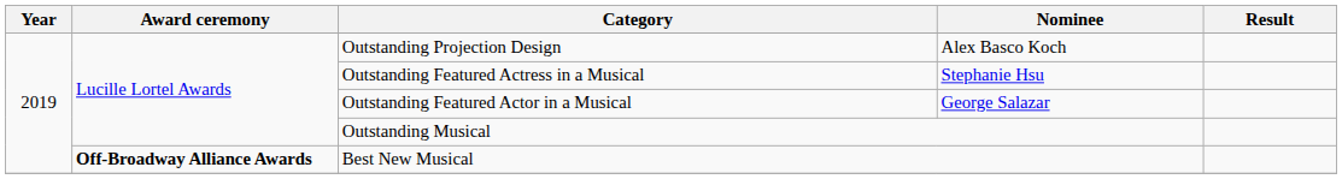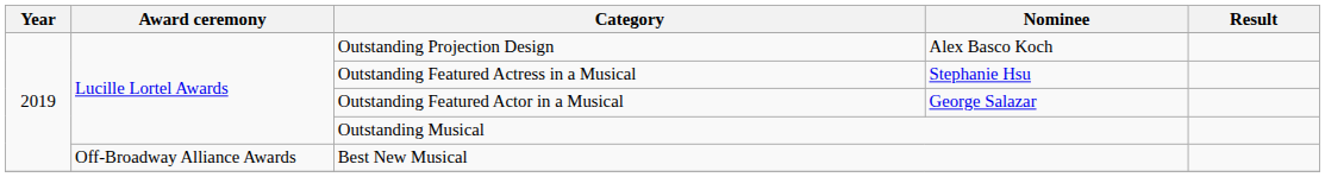 <table class="wikitable" width="95%">
 <tr>
 <th width="5%">Year</th>
 <th width="20%">Award ceremony</th>
 <th width="45%">Category</th>
 <th width="20%">Nominee</th>
 <th width="10%">Result</th>
 </tr>
 <tr>
 <td rowspan="6" align="center">2019</td>
 </tr>
 <tr>
 <td rowspan="4"><a href='#'>Lucille Lortel Awards</a></td>
 <td>Outstanding Projection Design</td>
 <td>Alex Basco Koch</td>
 <td></td>
 </tr>
 <tr>
 <td>Outstanding Featured Actress in a Musical</td>
 <td><a href='#'>Stephanie Hsu</a></td>
 <td></td>
 </tr>
 <tr>
 <td>Outstanding Featured Actor in a Musical</td>
 <td><a href='#'>George Salazar</a></td>
 <td></td>
 </tr>
 <tr>
 <td colspan="2">Outstanding Musical</td>
 <td></td>
 </tr>
 <tr>
-<td><strong>Off-Broadway Alliance Awards</strong></td>
+<td>Off-Broadway Alliance Awards</td>
 <td colspan="2">Best New Musical</td>
 <td></td>
 </tr>
 <tr>
 </tr>
 </table>
